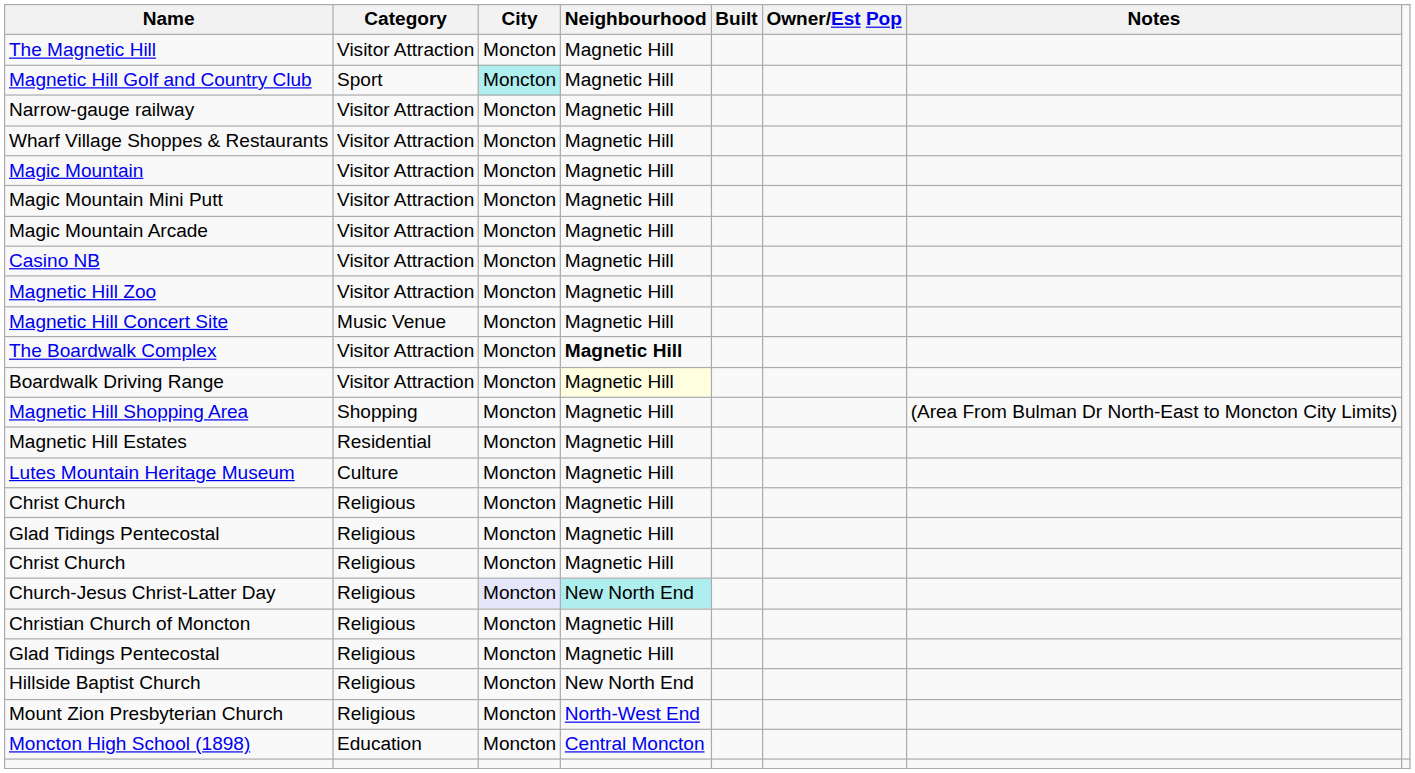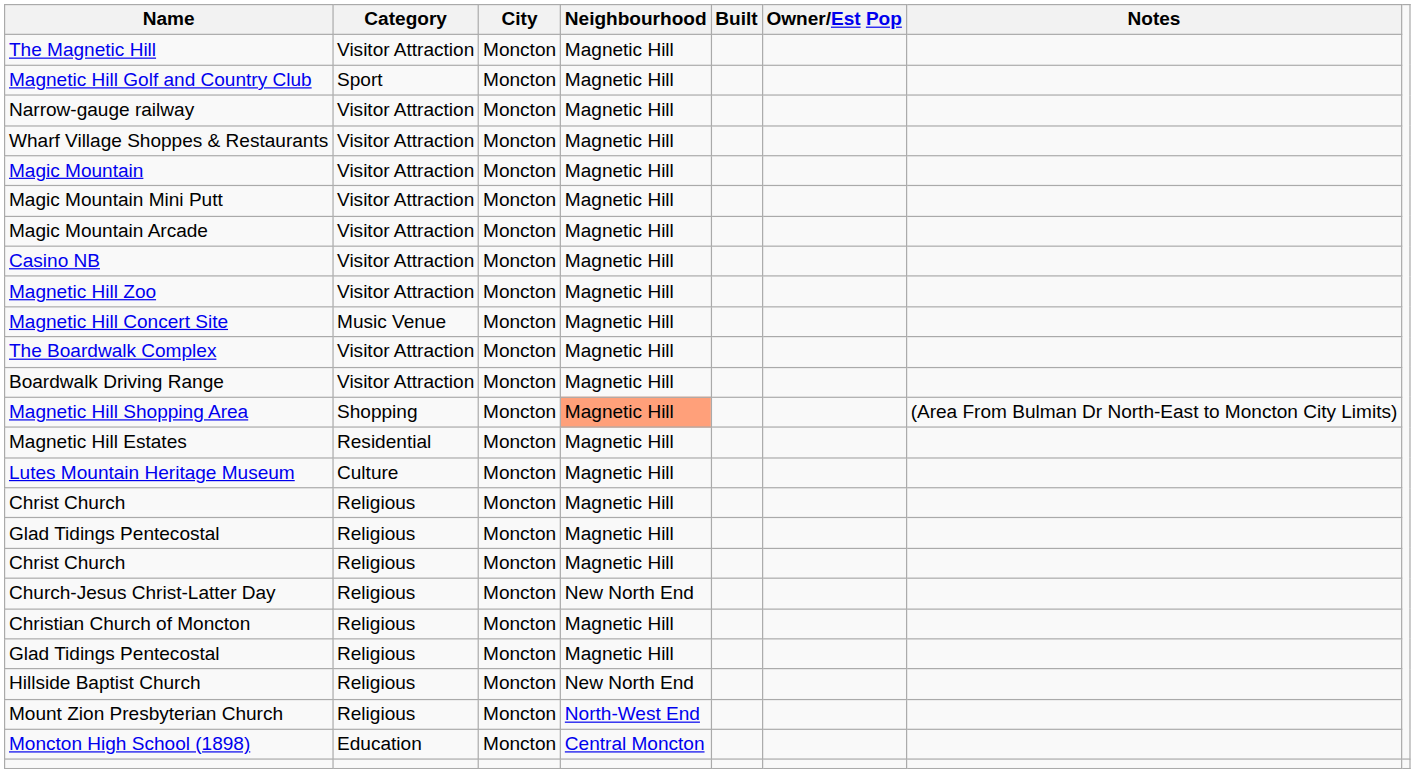 <table class="wikitable sortable">
 <tr>
 <th>Name</th>
 <th>Category</th>
 <th>City</th>
 <th>Neighbourhood</th>
 <th>Built</th>
 <th>Owner/<a href='#'>Est</a> <a href='#'>Pop</a></th>
 <th>Notes</th>
 </tr>
 <tr>
 <td><a href='#'>The Magnetic Hill</a></td>
 <td>Visitor Attraction</td>
 <td>Moncton</td>
 <td>Magnetic Hill</td>
 <td></td>
 <td></td>
 <td></td>
 </tr>
 <tr>
 <td><a href='#'>Magnetic Hill Golf and Country Club</a></td>
 <td>Sport</td>
-<td style="background: paleturquoise;">Moncton</td>
+<td>Moncton</td>
 <td>Magnetic Hill</td>
 <td></td>
 <td></td>
 <td></td>
 </tr>
 <tr>
 <td>Narrow-gauge railway</td>
 <td>Visitor Attraction</td>
 <td>Moncton</td>
 <td>Magnetic Hill</td>
 <td></td>
 <td></td>
 <td></td>
 </tr>
 <tr>
 <td>Wharf Village Shoppes & Restaurants</td>
 <td>Visitor Attraction</td>
 <td>Moncton</td>
 <td>Magnetic Hill</td>
 <td></td>
 <td></td>
 <td></td>
 </tr>
 <tr>
 <td><a href='#'>Magic Mountain</a></td>
 <td>Visitor Attraction</td>
 <td>Moncton</td>
 <td>Magnetic Hill</td>
 <td></td>
 <td></td>
 <td></td>
 </tr>
 <tr>
 <td>Magic Mountain Mini Putt</td>
 <td>Visitor Attraction</td>
 <td>Moncton</td>
 <td>Magnetic Hill</td>
 <td></td>
 <td></td>
 <td></td>
 </tr>
 <tr>
 <td>Magic Mountain Arcade</td>
 <td>Visitor Attraction</td>
 <td>Moncton</td>
 <td>Magnetic Hill</td>
 <td></td>
 <td></td>
 <td></td>
 </tr>
 <tr>
 <td><a href='#'>Casino NB</a></td>
 <td>Visitor Attraction</td>
 <td>Moncton</td>
 <td>Magnetic Hill</td>
 <td></td>
 <td></td>
 <td></td>
 </tr>
 <tr>
 <td><a href='#'>Magnetic Hill Zoo</a></td>
 <td>Visitor Attraction</td>
 <td>Moncton</td>
 <td>Magnetic Hill</td>
 <td></td>
 <td></td>
 <td></td>
 </tr>
 <tr>
 <td><a href='#'>Magnetic Hill Concert Site</a></td>
 <td>Music Venue</td>
 <td>Moncton</td>
 <td>Magnetic Hill</td>
 <td></td>
 <td></td>
 <td></td>
 </tr>
 <tr>
 <td><a href='#'>The Boardwalk Complex</a></td>
 <td>Visitor Attraction</td>
 <td>Moncton</td>
-<td><strong>Magnetic Hill</strong></td>
+<td>Magnetic Hill</td>
 <td></td>
 <td></td>
 <td></td>
 </tr>
 <tr>
 <td>Boardwalk Driving Range</td>
 <td>Visitor Attraction</td>
 <td>Moncton</td>
-<td style="background: lightyellow;">Magnetic Hill</td>
+<td>Magnetic Hill</td>
 <td></td>
 <td></td>
 <td></td>
 </tr>
 <tr>
 <td><a href='#'>Magnetic Hill Shopping Area</a></td>
 <td>Shopping</td>
 <td>Moncton</td>
-<td>Magnetic Hill</td>
+<td style="background: lightsalmon;">Magnetic Hill</td>
 <td></td>
 <td></td>
 <td>(Area From Bulman Dr North-East to Moncton City Limits)</td>
 </tr>
 <tr>
 <td>Magnetic Hill Estates</td>
 <td>Residential</td>
 <td>Moncton</td>
 <td>Magnetic Hill</td>
 <td></td>
 <td></td>
 <td></td>
 </tr>
 <tr>
 <td><a href='#'>Lutes Mountain Heritage Museum</a></td>
 <td>Culture</td>
 <td>Moncton</td>
 <td>Magnetic Hill</td>
 <td></td>
 <td></td>
 <td></td>
 </tr>
 <tr>
 <td>Christ Church</td>
 <td>Religious</td>
 <td>Moncton</td>
 <td>Magnetic Hill</td>
 <td></td>
 <td></td>
 <td></td>
 </tr>
 <tr>
 <td>Glad Tidings Pentecostal</td>
 <td>Religious</td>
 <td>Moncton</td>
 <td>Magnetic Hill</td>
 <td></td>
 <td></td>
 <td></td>
 </tr>
 <tr>
 <td>Christ Church</td>
 <td>Religious</td>
 <td>Moncton</td>
 <td>Magnetic Hill</td>
 <td></td>
 <td></td>
 <td></td>
 </tr>
 <tr>
 <td>Church-Jesus Christ-Latter Day</td>
 <td>Religious</td>
-<td style="background: lavender;">Moncton</td>
-<td style="background: paleturquoise;">New North End</td>
+<td>Moncton</td>
+<td>New North End</td>
 <td></td>
 <td></td>
 <td></td>
 </tr>
 <tr>
 <td>Christian Church of Moncton</td>
 <td>Religious</td>
 <td>Moncton</td>
 <td>Magnetic Hill</td>
 <td></td>
 <td></td>
 <td></td>
 </tr>
 <tr>
 <td>Glad Tidings Pentecostal</td>
 <td>Religious</td>
 <td>Moncton</td>
 <td>Magnetic Hill</td>
 <td></td>
 <td></td>
 <td></td>
 </tr>
 <tr>
 <td>Hillside Baptist Church</td>
 <td>Religious</td>
 <td>Moncton</td>
 <td>New North End</td>
 <td></td>
 <td></td>
 <td></td>
 </tr>
 <tr>
 <td>Mount Zion Presbyterian Church</td>
 <td>Religious</td>
 <td>Moncton</td>
 <td><a href='#'>North-West End</a></td>
 <td></td>
 <td></td>
 <td></td>
 </tr>
 <tr>
 <td><a href='#'>Moncton High School (1898)</a></td>
 <td>Education</td>
 <td>Moncton</td>
 <td><a href='#'>Central Moncton</a></td>
 <td></td>
 <td></td>
 <td></td>
 </tr>
 <tr>
 <td></td>
 <td></td>
 <td></td>
 <td></td>
 <td></td>
 <td></td>
 <td></td>
 <td></td>
 </tr>
 </table>
